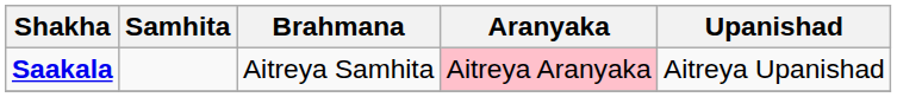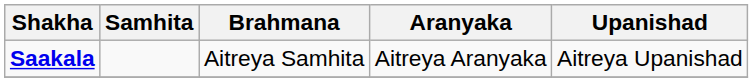 <table class="wikitable">
 <tr style="background:#ccc;">
 <th>Shakha</th>
 <th>Samhita</th>
 <th>Brahmana</th>
 <th>Aranyaka</th>
 <th>Upanishad</th>
 </tr>
 <tr>
 <td><strong><a href='#'>Saakala</a></strong></td>
 <td></td>
 <td>Aitreya Samhita</td>
-<td style="background: pink;">Aitreya Aranyaka</td>
+<td>Aitreya Aranyaka</td>
 <td>Aitreya Upanishad</td>
 </tr>
 <tr>
 </tr>
 </table>
